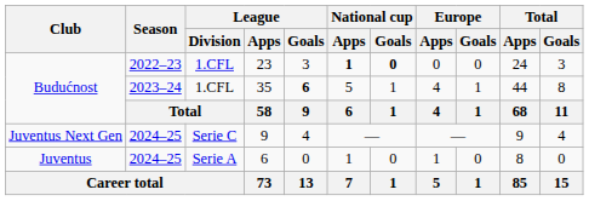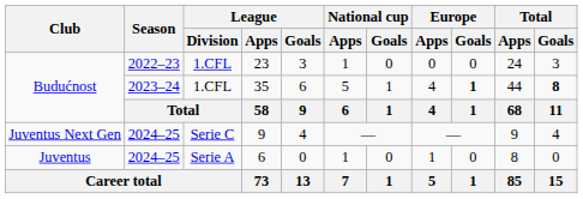 <table class=wikitable style=text-align:center>
 <tr>
 <th rowspan=2>Club</th>
 <th rowspan=2>Season</th>
 <th colspan=3>League</th>
 <th colspan=2>National cup</th>
 <th colspan=2>Europe</th>
 <th colspan=2>Total</th>
 </tr>
 <tr>
 <th>Division</th>
 <th>Apps</th>
 <th>Goals</th>
 <th>Apps</th>
 <th>Goals</th>
 <th>Apps</th>
 <th>Goals</th>
 <th>Apps</th>
 <th>Goals</th>
 </tr>
 <tr>
 <td rowspan=3><a href='#'>Budućnost</a></td>
 <td><a href='#'>2022–23</a></td>
 <td><a href='#'>1.CFL</a></td>
 <td>23</td>
 <td>3</td>
-<td><strong>1</strong></td>
-<td><strong>0</strong></td>
+<td>1</td>
+<td>0</td>
 <td>0</td>
 <td>0</td>
 <td>24</td>
 <td>3</td>
 </tr>
 <tr>
 <td><a href='#'>2023–24</a></td>
 <td>1.CFL</td>
 <td>35</td>
-<td><strong>6</strong></td>
+<td>6</td>
 <td>5</td>
 <td>1</td>
 <td>4</td>
-<td>1</td>
+<td><strong>1</strong></td>
 <td>44</td>
-<td>8</td>
+<td><strong>8</strong></td>
 </tr>
 <tr>
 <th colspan=2>Total</th>
 <th>58</th>
 <th>9</th>
 <th>6</th>
 <th>1</th>
 <th>4</th>
 <th>1</th>
 <th>68</th>
 <th>11</th>
 </tr>
 <tr>
 <td><a href='#'>Juventus Next Gen</a></td>
 <td><a href='#'>2024–25</a></td>
 <td><a href='#'>Serie C</a></td>
 <td>9</td>
 <td>4</td>
 <td colspan="2">—</td>
 <td colspan="2">—</td>
 <td>9</td>
 <td>4</td>
 </tr>
 <tr>
 <td><a href='#'>Juventus</a></td>
 <td><a href='#'>2024–25</a></td>
 <td><a href='#'>Serie A</a></td>
 <td>6</td>
 <td>0</td>
 <td>1</td>
 <td>0</td>
 <td>1</td>
 <td>0</td>
 <td>8</td>
 <td>0</td>
 </tr>
 <tr>
 <th colspan=3>Career total</th>
 <th>73</th>
 <th>13</th>
 <th>7</th>
 <th>1</th>
 <th>5</th>
 <th>1</th>
 <th>85</th>
 <th>15</th>
 </tr>
 </table>
